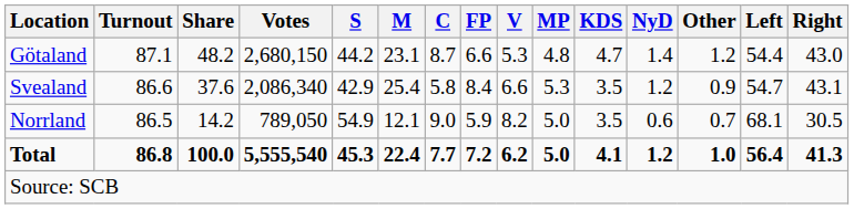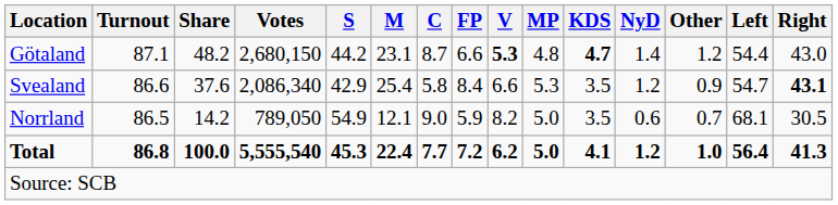 <table class="wikitable sortable" style=text-align:right>
 <tr>
 <th>Location</th>
 <th>Turnout</th>
 <th>Share</th>
 <th>Votes</th>
 <th><a href='#'>S</a></th>
 <th><a href='#'>M</a></th>
 <th><a href='#'>C</a></th>
 <th><a href='#'>FP</a></th>
 <th><a href='#'>V</a></th>
 <th><a href='#'>MP</a></th>
 <th><a href='#'>KDS</a></th>
 <th><a href='#'>NyD</a></th>
 <th>Other</th>
 <th>Left</th>
 <th>Right</th>
 </tr>
 <tr>
 <td align=left><a href='#'>Götaland</a></td>
 <td>87.1</td>
 <td>48.2</td>
 <td>2,680,150</td>
 <td>44.2</td>
 <td>23.1</td>
 <td>8.7</td>
 <td>6.6</td>
-<td>5.3</td>
+<td><strong>5.3</strong></td>
 <td>4.8</td>
-<td>4.7</td>
+<td><strong>4.7</strong></td>
 <td>1.4</td>
 <td>1.2</td>
 <td>54.4</td>
 <td>43.0</td>
 </tr>
 <tr>
 <td align=left><a href='#'>Svealand</a></td>
 <td>86.6</td>
 <td>37.6</td>
 <td>2,086,340</td>
 <td>42.9</td>
 <td>25.4</td>
 <td>5.8</td>
 <td>8.4</td>
 <td>6.6</td>
 <td>5.3</td>
 <td>3.5</td>
 <td>1.2</td>
 <td>0.9</td>
 <td>54.7</td>
-<td>43.1</td>
+<td><strong>43.1</strong></td>
 </tr>
 <tr>
 <td align=left><a href='#'>Norrland</a></td>
 <td>86.5</td>
 <td>14.2</td>
 <td>789,050</td>
 <td>54.9</td>
 <td>12.1</td>
 <td>9.0</td>
 <td>5.9</td>
 <td>8.2</td>
 <td>5.0</td>
 <td>3.5</td>
 <td>0.6</td>
 <td>0.7</td>
 <td>68.1</td>
 <td>30.5</td>
 </tr>
 <tr>
 <td align=left><strong>Total</strong></td>
 <td><strong>86.8</strong></td>
 <td><strong>100.0</strong></td>
 <td><strong>5,555,540</strong></td>
 <td><strong>45.3</strong></td>
 <td><strong>22.4</strong></td>
 <td><strong>7.7</strong></td>
 <td><strong>7.2</strong></td>
 <td><strong>6.2</strong></td>
 <td><strong>5.0</strong></td>
 <td><strong>4.1</strong></td>
 <td><strong>1.2</strong></td>
 <td><strong>1.0</strong></td>
 <td><strong>56.4</strong></td>
 <td><strong>41.3</strong></td>
 </tr>
 <tr>
 <td align=left colspan=15>Source: SCB </td>
 </tr>
 </table>
